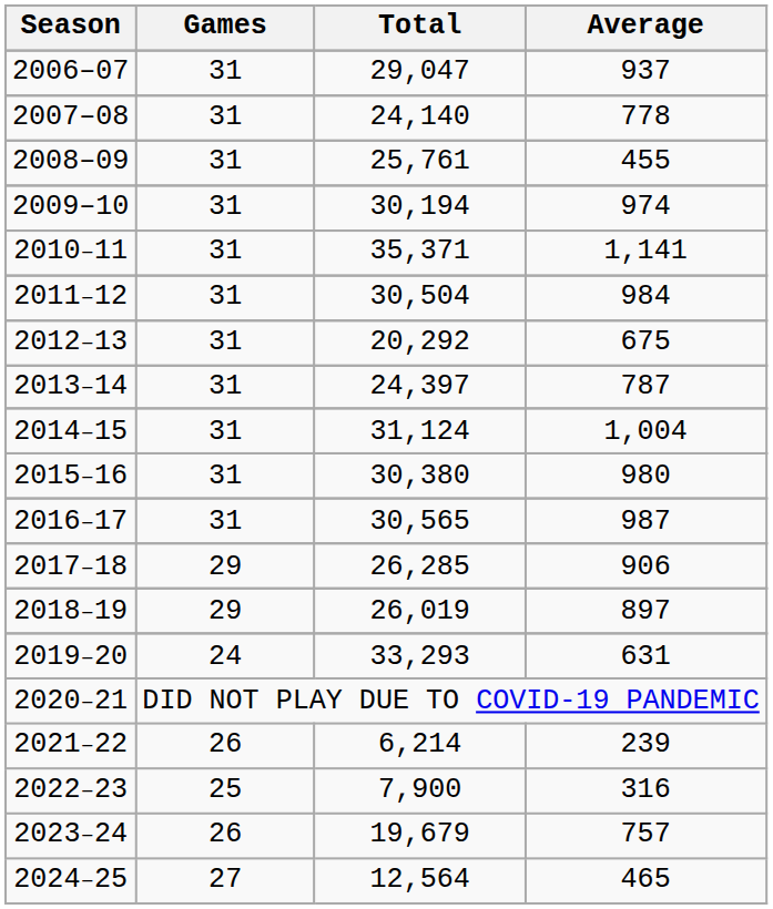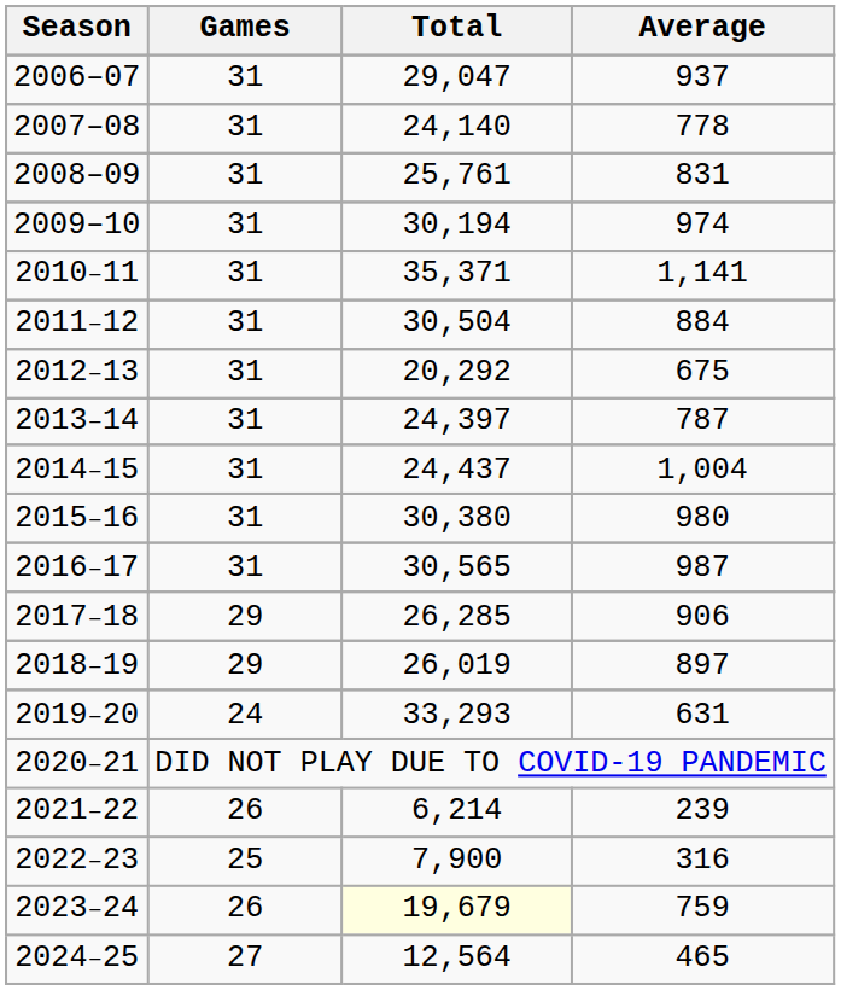 <table class="wikitable" border="1" style="text-align:center; font-size:95%">
 <tr>
 <th rowspan="1">Season</th>
 <th rowspan="1">Games</th>
 <th rowspan="1">Total</th>
 <th rowspan="1">Average</th>
 </tr>
 <tr>
 </tr>
 <tr>
 </tr>
 <tr>
 </tr>
 <tr>
 <td>2006–07</td>
 <td>31</td>
 <td>29,047</td>
 <td>937</td>
 </tr>
 <tr>
 </tr>
 <tr style="text-align:center">
 <td>2007–08</td>
 <td>31</td>
 <td>24,140</td>
 <td>778</td>
 </tr>
 <tr>
 </tr>
 <tr style="text-align:center">
 <td>2008–09</td>
 <td>31</td>
 <td>25,761</td>
-<td>455</td>
+<td>831</td>
 </tr>
 <tr>
 </tr>
 <tr style="text-align:center">
 <td>2009–10</td>
 <td>31</td>
 <td>30,194</td>
 <td>974</td>
 </tr>
 <tr>
 </tr>
 <tr style="text-align:center">
 <td>2010<small>–</small>11</td>
 <td>31</td>
 <td>35,371</td>
 <td>1,141</td>
 </tr>
 <tr>
 </tr>
 <tr style="text-align:center">
 <td>2011<small>–</small>12</td>
 <td>31</td>
 <td>30,504</td>
-<td>984</td>
+<td>884</td>
 </tr>
 <tr>
 </tr>
 <tr style="text-align:center">
 <td>2012<small>–</small>13</td>
 <td>31</td>
 <td>20,292</td>
 <td>675</td>
 </tr>
 <tr>
 </tr>
 <tr style="text-align:center">
 <td>2013<small>–</small>14</td>
 <td>31</td>
 <td>24,397</td>
 <td>787</td>
 </tr>
 <tr>
 </tr>
 <tr style="text-align:center">
 <td>2014<small>–</small>15</td>
 <td>31</td>
-<td>31,124</td>
+<td>24,437</td>
 <td>1,004</td>
 </tr>
 <tr>
 </tr>
 <tr style="text-align:center">
 <td>2015<small>–</small>16</td>
 <td>31</td>
 <td>30,380</td>
 <td>980</td>
 </tr>
 <tr>
 </tr>
 <tr style="text-align:center">
 <td>2016<small>–</small>17</td>
 <td>31</td>
 <td>30,565</td>
 <td>987</td>
 </tr>
 <tr>
 </tr>
 <tr style="text-align:center">
 <td>2017<small>–</small>18</td>
 <td>29</td>
 <td>26,285</td>
 <td>906</td>
 </tr>
 <tr>
 </tr>
 <tr style="”text-align:center”">
 <td>2018<small>–</small>19</td>
 <td>29</td>
 <td>26,019</td>
 <td>897</td>
 </tr>
 <tr>
 </tr>
 <tr style="“text-align:center”">
 <td>2019<small>–</small>20</td>
 <td>24</td>
 <td>33,293</td>
 <td>631</td>
 </tr>
 <tr>
 <td>2020<small>–</small>21</td>
 <td colspan="3">DID NOT PLAY DUE TO <a href='#'>COVID-19 PANDEMIC</a></td>
 </tr>
 <tr>
 <td>2021<small>–</small>22</td>
 <td>26</td>
 <td>6,214</td>
 <td>239</td>
 </tr>
 <tr>
 <td>2022<small>–</small>23</td>
 <td>25</td>
 <td>7,900</td>
 <td>316</td>
 </tr>
 <tr>
 <td>2023<small>–</small>24</td>
 <td>26</td>
-<td>19,679</td>
-<td>757</td>
+<td style="background: lightyellow;">19,679</td>
+<td>759</td>
 </tr>
 <tr>
 <td>2024<small>–</small>25</td>
 <td>27</td>
 <td>12,564</td>
 <td>465</td>
 </tr>
 </table>
